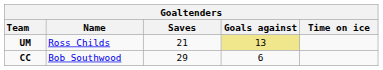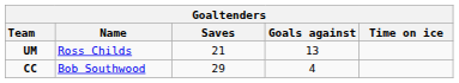 <table class="wikitable" style="width:40em; text-align:right;">
 <tr>
 <th colspan=5>Goaltenders</th>
 </tr>
 <tr>
 <th style="width:4em; text-align:left;">Team</th>
 <th style="width:10em;">Name</th>
 <th style="width:8em;">Saves</th>
 <th style="width:8em;">Goals against</th>
 <th style="width:8em;">Time on ice</th>
 </tr>
 <tr>
 <td align=center><strong>UM</strong></td>
 <td style="text-align:left;"><a href='#'>Ross Childs</a></td>
 <td align=center>21</td>
-<td align=center style="background: khaki;">13</td>
+<td align=center>13</td>
 <td align=center></td>
 </tr>
 <tr>
 <td align=center><strong>CC</strong></td>
 <td style="text-align:left;"><a href='#'>Bob Southwood</a></td>
 <td align=center>29</td>
-<td align=center>6</td>
+<td align=center>4</td>
 <td align=center></td>
 </tr>
 </table>
